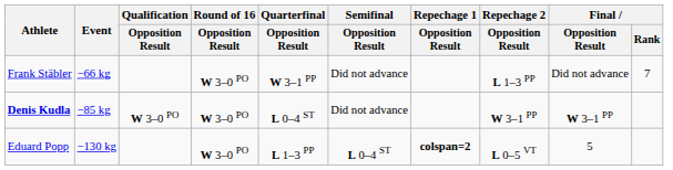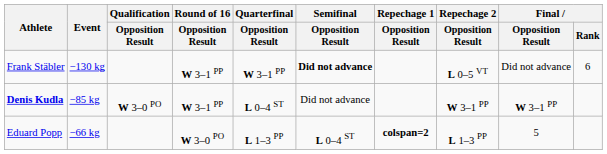 <table class="wikitable" style="font-size:90%">
 <tr>
 <th rowspan=2>Athlete</th>
 <th rowspan=2>Event</th>
 <th>Qualification</th>
 <th>Round of 16</th>
 <th>Quarterfinal</th>
 <th>Semifinal</th>
 <th>Repechage 1</th>
 <th>Repechage 2</th>
 <th colspan=2>Final / </th>
 </tr>
 <tr style="font-size: 95%">
 <th>Opposition<br>Result</th>
 <th>Opposition<br>Result</th>
 <th>Opposition<br>Result</th>
 <th>Opposition<br>Result</th>
 <th>Opposition<br>Result</th>
 <th>Opposition<br>Result</th>
 <th>Opposition<br>Result</th>
 <th>Rank</th>
 </tr>
 <tr align=center>
 <td align=left><a href='#'>Frank Stäbler</a></td>
-<td align=left><a href='#'>−66 kg</a></td>
+<td align=left><a href='#'>−130 kg</a></td>
 <td></td>
-<td><br><strong>W</strong> 3–0 <sup>PO</sup></td>
 <td><br><strong>W</strong> 3–1 <sup>PP</sup></td>
+<td><br><strong>W</strong> 3–1 <sup>PP</sup></td>
+<td><strong>Did not advance</strong></td>
+<td></td>
+<td><br><strong>L</strong> 0–5 <sup>VT</sup></td>
 <td>Did not advance</td>
-<td></td>
-<td><br><strong>L</strong> 1–3 <sup>PP</sup></td>
-<td>Did not advance</td>
-<td>7</td>
+<td>6</td>
 </tr>
 <tr align=center>
 <td align=left><strong><a href='#'>Denis Kudla</a></strong></td>
 <td align=left><a href='#'>−85 kg</a></td>
 <td><br><strong>W</strong> 3–0 <sup>PO</sup></td>
-<td><br><strong>W</strong> 3–0 <sup>PO</sup></td>
+<td><br><strong>W</strong> 3–1 <sup>PP</sup></td>
 <td><br><strong>L</strong> 0–4 <sup>ST</sup></td>
 <td>Did not advance</td>
 <td></td>
 <td><br><strong>W</strong> 3–1 <sup>PP</sup></td>
 <td><br><strong>W</strong> 3–1 <sup>PP</sup></td>
 <td></td>
 </tr>
 <tr align=center>
 <td align=left><a href='#'>Eduard Popp</a></td>
-<td align=left><a href='#'>−130 kg</a></td>
+<td align=left><a href='#'>−66 kg</a></td>
 <td></td>
 <td><br><strong>W</strong> 3–0 <sup>PO</sup></td>
 <td><br><strong>L</strong> 1–3 <sup>PP</sup></td>
 <td><br><strong>L</strong> 0–4 <sup>ST</sup></td>
 <td><strong>colspan=2 </strong></td>
-<td><br><strong>L</strong> 0–5 <sup>VT</sup></td>
+<td><br><strong>L</strong> 1–3 <sup>PP</sup></td>
 <td>5</td>
 </tr>
 </table>
